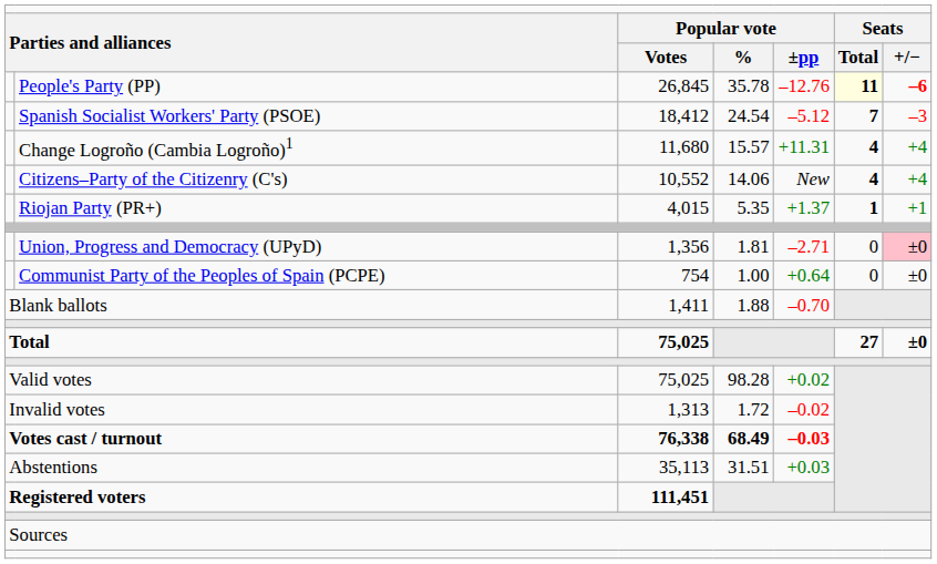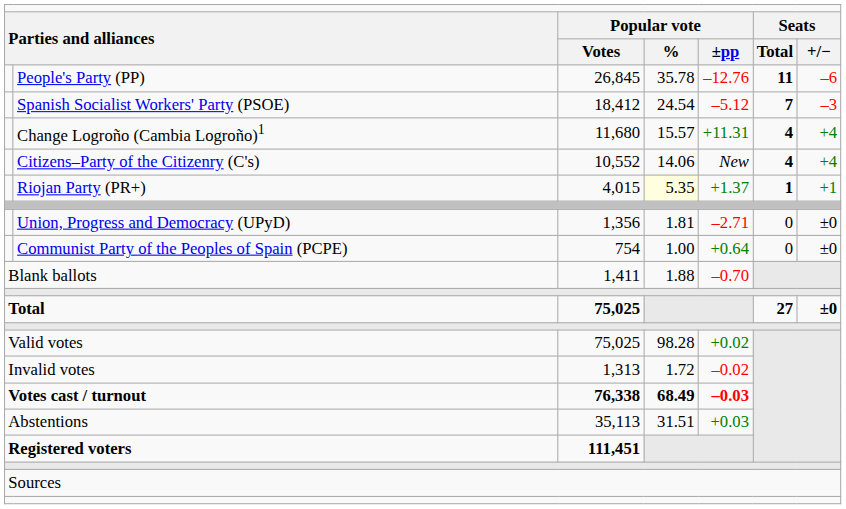 <table class="wikitable" style="text-align:right;">
 <tr>
 <td colspan="7"></td>
 </tr>
 <tr>
 <th style="text-align:left;" rowspan="2" colspan="2" width="525">Parties and alliances</th>
 <th colspan="3">Popular vote</th>
 <th colspan="2">Seats</th>
 </tr>
 <tr>
 <th width="75">Votes</th>
 <th width="45">%</th>
 <th width="45">±<a href='#'>pp</a></th>
 <th width="35">Total</th>
 <th width="35">+/−</th>
 </tr>
 <tr>
 <td width="1" style="color:inherit;background:"></td>
 <td align="left"><a href='#'>People's Party</a> (PP)</td>
 <td>26,845</td>
 <td>35.78</td>
 <td style="color:red;">–12.76</td>
-<td style="background: lightyellow;"><strong>11</strong></td>
-<td style="color:red;"><strong>–6</strong></td>
+<td><strong>11</strong></td>
+<td style="color:red;">–6</td>
 </tr>
 <tr>
 <td style="color:inherit;background:"></td>
 <td align="left"><a href='#'>Spanish Socialist Workers' Party</a> (PSOE)</td>
 <td>18,412</td>
 <td>24.54</td>
 <td style="color:red;">–5.12</td>
 <td><strong>7</strong></td>
 <td style="color:red;">–3</td>
 </tr>
 <tr>
 <td style="color:inherit;background:"></td>
 <td align="left">Change Logroño (Cambia Logroño)<sup>1</sup></td>
 <td>11,680</td>
 <td>15.57</td>
 <td style="color:green;">+11.31</td>
 <td><strong>4</strong></td>
 <td style="color:green;">+4</td>
 </tr>
 <tr>
 <td style="color:inherit;background:"></td>
 <td align="left"><a href='#'>Citizens–Party of the Citizenry</a> (C's)</td>
 <td>10,552</td>
 <td>14.06</td>
 <td><em>New</em></td>
 <td><strong>4</strong></td>
 <td style="color:green;">+4</td>
 </tr>
 <tr>
 <td style="color:inherit;background:"></td>
 <td align="left"><a href='#'>Riojan Party</a> (PR+)</td>
 <td>4,015</td>
-<td>5.35</td>
+<td style="background: lightyellow;">5.35</td>
 <td style="color:green;">+1.37</td>
 <td><strong>1</strong></td>
 <td style="color:green;">+1</td>
 </tr>
 <tr>
 <td colspan="7" bgcolor="#C0C0C0"></td>
 </tr>
 <tr>
 <td style="color:inherit;background:"></td>
 <td align="left"><a href='#'>Union, Progress and Democracy</a> (UPyD)</td>
 <td>1,356</td>
 <td>1.81</td>
 <td style="color:red;">–2.71</td>
 <td>0</td>
-<td style="background: pink;">±0</td>
+<td>±0</td>
 </tr>
 <tr>
 <td style="color:inherit;background:"></td>
 <td align="left"><a href='#'>Communist Party of the Peoples of Spain</a> (PCPE)</td>
 <td>754</td>
 <td>1.00</td>
 <td style="color:green;">+0.64</td>
 <td>0</td>
 <td>±0</td>
 </tr>
 <tr>
 <td align="left" colspan="2">Blank ballots</td>
 <td>1,411</td>
 <td>1.88</td>
 <td style="color:red;">–0.70</td>
 <td bgcolor="#E9E9E9" colspan="2"></td>
 </tr>
 <tr>
 <td colspan="7" bgcolor="#E9E9E9"></td>
 </tr>
 <tr style="font-weight:bold;">
 <td align="left" colspan="2">Total</td>
 <td>75,025</td>
 <td bgcolor="#E9E9E9" colspan="2"></td>
 <td>27</td>
 <td>±0</td>
 </tr>
 <tr>
 <td colspan="7" bgcolor="#E9E9E9"></td>
 </tr>
 <tr>
 <td align="left" colspan="2">Valid votes</td>
 <td>75,025</td>
 <td>98.28</td>
 <td style="color:green;">+0.02</td>
 <td bgcolor="#E9E9E9" colspan="2" rowspan="5"></td>
 </tr>
 <tr>
 <td align="left" colspan="2">Invalid votes</td>
 <td>1,313</td>
 <td>1.72</td>
 <td style="color:red;">–0.02</td>
 </tr>
 <tr style="font-weight:bold;">
 <td align="left" colspan="2">Votes cast / turnout</td>
 <td>76,338</td>
 <td>68.49</td>
 <td style="color:red;">–0.03</td>
 </tr>
 <tr>
 <td align="left" colspan="2">Abstentions</td>
 <td>35,113</td>
 <td>31.51</td>
 <td style="color:green;">+0.03</td>
 </tr>
 <tr style="font-weight:bold;">
 <td align="left" colspan="2">Registered voters</td>
 <td>111,451</td>
 <td bgcolor="#E9E9E9" colspan="2"></td>
 </tr>
 <tr>
 <td colspan="7" bgcolor="#E9E9E9"></td>
 </tr>
 <tr>
 <td align="left" colspan="7">Sources</td>
 </tr>
 <tr>
 <td colspan="7" style="text-align:left; max-width:790px;"></td>
 </tr>
 </table>
